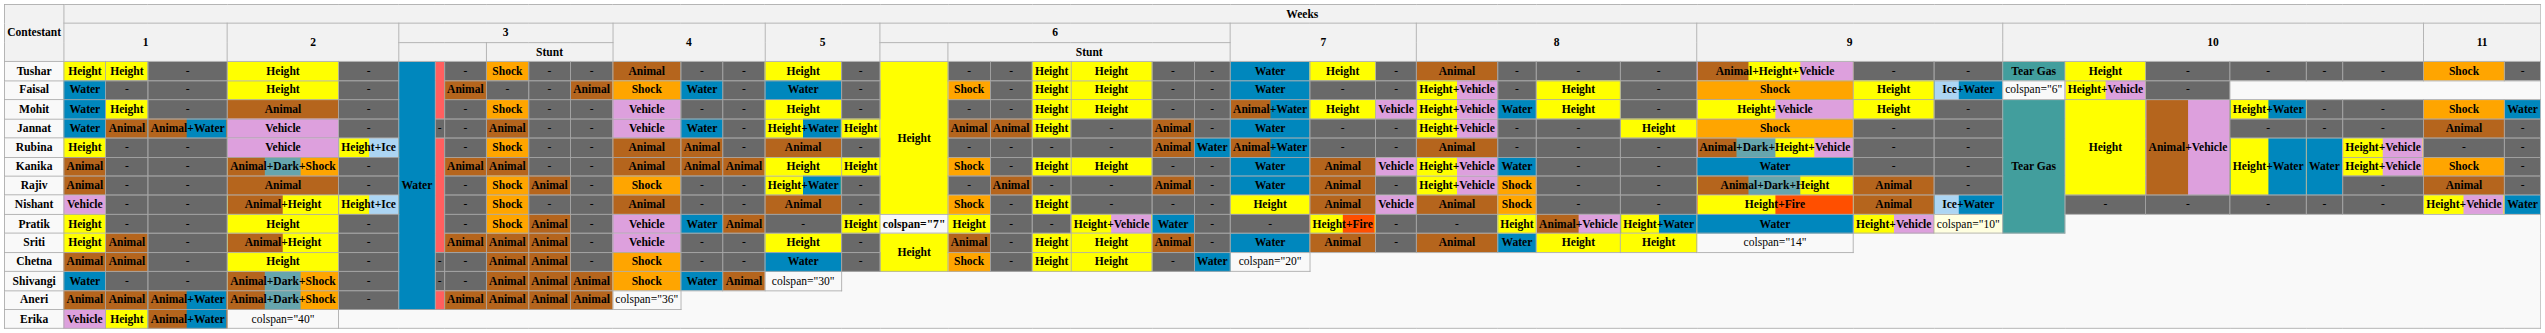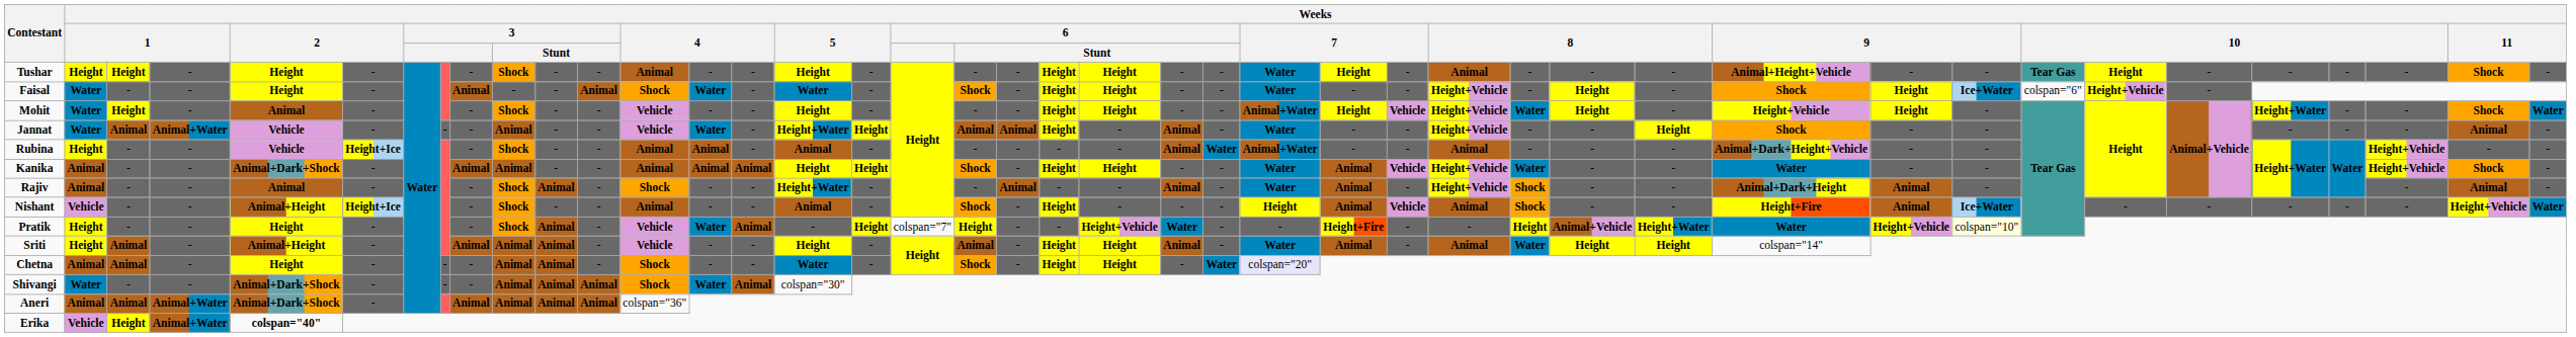 <table class="wikitable" border="2" class="wikitable" style="text-align:center; font-size:85%">
 <tr>
 <th rowspan="3">Contestant</th>
 <th colspan="41"><strong>Weeks</strong></th>
 </tr>
 <tr>
 <th colspan="3" rowspan="2">1</th>
 <th colspan="2"rowspan="2">2</th>
 <th colspan="6">3</th>
 <th colspan="3"rowspan="2">4</th>
 <th colspan="2"rowspan="2">5</th>
 <th colspan="7">6</th>
 <th colspan="3" rowspan="2">7</th>
 <th colspan="4" rowspan="2">8</th>
 <th colspan="3" rowspan="2">9</th>
 <th colspan="6" rowspan="2">10</th>
 <th colspan="2"rowspan="2">11</th>
 </tr>
 <tr>
 <th colspan="3"></th>
 <th colspan="3">Stunt</th>
 <th colspan="1"></th>
 <th colspan="6">Stunt</th>
 </tr>
 <tr>
 <td><strong>Tushar</strong></td>
 <td bgcolor="Yellow"><strong>Height</strong></td>
 <td bgcolor="Yellow"><strong>Height</strong></td>
 <td bgcolor="#696969">-</td>
 <td bgcolor="Yellow"><strong>Height</strong></td>
 <td bgcolor="#696969">-</td>
 <td rowspan="13" bgcolor="#0087BD"><strong>Water</strong></td>
 <td rowspan="3" style="background:#FF5F5F"><strong></strong></td>
 <td bgcolor="#696969">-</td>
 <td bgcolor="Orange"><strong>Shock</strong></td>
 <td bgcolor="#696969">-</td>
 <td bgcolor="#696969">-</td>
 <td bgcolor="#B5651D"><strong>Animal</strong></td>
 <td bgcolor="#696969">-</td>
 <td bgcolor="#696969">-</td>
 <td bgcolor="Yellow"><strong>Height</strong></td>
 <td bgcolor="#696969">-</td>
 <td rowspan="8"  bgcolor="Yellow"><strong>Height</strong></td>
 <td bgcolor="#696969">-</td>
 <td bgcolor="#696969">-</td>
 <td bgcolor="Yellow"><strong>Height</strong></td>
 <td bgcolor="Yellow"><strong>Height</strong></td>
 <td bgcolor="#696969">-</td>
 <td bgcolor="#696969">-</td>
 <td bgcolor="#0087BD"><strong>Water</strong></td>
 <td bgcolor="Yellow"><strong>Height</strong></td>
 <td bgcolor="#696969">-</td>
 <td bgcolor="#B5651D"><strong>Animal</strong></td>
 <td bgcolor="#696969">-</td>
 <td bgcolor="#696969">-</td>
 <td bgcolor="#696969">-</td>
 <td style="background:linear-gradient(to right, #B5651D 0, #B5651D 33%, Yellow 33%, Yellow 66%, Plum 66%, Plum 100%); "><strong>Animal+Height+Vehicle</strong></td>
 <td bgcolor="#696969">-</td>
 <td bgcolor="#696969">-</td>
 <td bgcolor="#429E9D"><strong>Tear Gas</strong></td>
 <td bgcolor="Yellow"><strong>Height</strong></td>
 <td bgcolor="#696969">-</td>
 <td bgcolor="#696969">-</td>
 <td bgcolor="#696969">-</td>
 <td bgcolor="#696969">-</td>
 <td bgcolor="Orange"><strong>Shock</strong></td>
 <td bgcolor="#696969">-</td>
 </tr>
 <tr>
 <td><strong>Faisal</strong></td>
 <td bgcolor="#0087BD"><strong>Water</strong></td>
 <td bgcolor="#696969">-</td>
 <td bgcolor="#696969">-</td>
 <td bgcolor="Yellow"><strong>Height</strong></td>
 <td bgcolor="#696969">-</td>
 <td bgcolor="#B5651D"><strong>Animal</strong></td>
 <td bgcolor="#696969">-</td>
 <td bgcolor="#696969">-</td>
 <td bgcolor="#B5651D"><strong>Animal</strong></td>
 <td bgcolor="Orange"><strong>Shock</strong></td>
 <td bgcolor="#0087BD"><strong>Water</strong></td>
 <td bgcolor="#696969">-</td>
 <td bgcolor="#0087BD"><strong>Water</strong></td>
 <td bgcolor="#696969">-</td>
 <td bgcolor="Orange"><strong>Shock</strong></td>
 <td bgcolor="#696969">-</td>
 <td bgcolor="Yellow"><strong>Height</strong></td>
 <td bgcolor="Yellow"><strong>Height</strong></td>
 <td bgcolor="#696969">-</td>
 <td bgcolor="#696969">-</td>
 <td bgcolor="#0087BD"><strong>Water</strong></td>
 <td bgcolor="#696969">-</td>
 <td bgcolor="#696969">-</td>
 <td style="background:linear-gradient(to right, Yellow 50%, Plum 50%);"><strong>Height+Vehicle</strong></td>
 <td bgcolor="#696969">-</td>
 <td style="background:Yellow  "><strong>Height</strong></td>
 <td bgcolor="#696969">-</td>
 <td bgcolor="Orange"><strong>Shock</strong></td>
 <td bgcolor="Yellow"><strong>Height</strong></td>
 <td style="background:linear-gradient(to right, #ACD5F3 36%, #0087BD 36%);"><strong>Ice+Water</strong></td>
 <td>colspan="6" </td>
 <td style="background:linear-gradient(to right, Yellow 50%, Plum 50%);"><strong>Height+Vehicle</strong></td>
 <td bgcolor="#696969">-</td>
 </tr>
 <tr>
 <td><strong>Mohit</strong></td>
 <td bgcolor="#0087BD"><strong>Water</strong></td>
 <td bgcolor="Yellow"><strong>Height</strong></td>
 <td bgcolor="#696969">-</td>
 <td bgcolor="#B5651D"><strong>Animal</strong></td>
 <td bgcolor="#696969">-</td>
 <td bgcolor="#696969">-</td>
 <td bgcolor="Orange"><strong>Shock</strong></td>
 <td bgcolor="#696969">-</td>
 <td bgcolor="#696969">-</td>
 <td bgcolor="Plum"><strong>Vehicle</strong></td>
 <td bgcolor="#696969">-</td>
 <td bgcolor="#696969">-</td>
 <td bgcolor="Yellow"><strong>Height</strong></td>
 <td bgcolor="#696969">-</td>
 <td bgcolor="#696969">-</td>
 <td bgcolor="#696969">-</td>
 <td bgcolor="Yellow"><strong>Height</strong></td>
 <td bgcolor="Yellow"><strong>Height</strong></td>
 <td bgcolor="#696969">-</td>
 <td bgcolor="#696969">-</td>
 <td style="background:linear-gradient(to right, #B5651D 50%, #0087BD 50%);"><strong>Animal+Water</strong></td>
 <td bgcolor="Yellow"><strong>Height</strong></td>
 <td bgcolor="Plum"><strong>Vehicle</strong></td>
 <td style="background:linear-gradient(to right, Yellow 50%, Plum 50%);"><strong>Height+Vehicle</strong></td>
 <td bgcolor="#0087BD"><strong>Water</strong></td>
 <td style="background:Yellow  "><strong>Height</strong></td>
 <td bgcolor="#696969">-</td>
 <td style="background:linear-gradient(to right, Yellow 50%, Plum 50%);"><strong>Height+Vehicle</strong></td>
 <td bgcolor="Yellow"><strong>Height</strong></td>
 <td bgcolor="#696969">-</td>
 <td rowspan="7" bgcolor="#429E9D"><strong>Tear Gas</strong></td>
 <td rowspan="5" bgcolor="Yellow"><strong>Height</strong></td>
 <td rowspan="5" style="background:linear-gradient(to right, #B5651D 50%, Plum 50%);"><strong>Animal+Vehicle</strong></td>
 <td style="background:linear-gradient(to right, Yellow 50%, #0087BD 50%);"><strong>Height+Water</strong></td>
 <td bgcolor="#696969">-</td>
 <td bgcolor="#696969">-</td>
 <td bgcolor="Orange"><strong>Shock</strong></td>
 <td bgcolor="#0087BD"><strong>Water</strong></td>
 </tr>
 <tr>
 <td><strong>Jannat</strong></td>
 <td bgcolor="#0087BD"><strong>Water</strong></td>
 <td bgcolor="#B5651D"><strong>Animal</strong></td>
 <td style="background:linear-gradient(to right, #B5651D 50%, #0087BD 50%);"><strong>Animal+Water</strong></td>
 <td bgcolor="Plum"><strong>Vehicle</strong></td>
 <td bgcolor="#696969">-</td>
 <td bgcolor="#696969">-</td>
 <td bgcolor="#696969">-</td>
 <td bgcolor="#B5651D"><strong>Animal</strong></td>
 <td bgcolor="#696969">-</td>
 <td bgcolor="#696969">-</td>
 <td bgcolor="Plum"><strong>Vehicle</strong></td>
 <td bgcolor="#0087BD"><strong>Water</strong></td>
 <td bgcolor="#696969">-</td>
 <td style="background:linear-gradient(to right, Yellow 50%, #0087BD 50%);"><strong>Height+Water</strong></td>
 <td bgcolor="Yellow"><strong>Height</strong></td>
 <td bgcolor="#B5651D"><strong>Animal</strong></td>
 <td bgcolor="#B5651D"><strong>Animal</strong></td>
 <td bgcolor="Yellow"><strong>Height</strong></td>
 <td bgcolor="#696969">-</td>
 <td bgcolor="#B5651D"><strong>Animal</strong></td>
 <td bgcolor="#696969">-</td>
 <td bgcolor="#0087BD"><strong>Water</strong></td>
 <td bgcolor="#696969">-</td>
 <td bgcolor="#696969">-</td>
 <td style="background:linear-gradient(to right, Yellow 50%, Plum 50%);"><strong>Height+Vehicle</strong></td>
 <td bgcolor="#696969">-</td>
 <td bgcolor="#696969">-</td>
 <td bgcolor="Yellow"><strong>Height</strong></td>
 <td bgcolor="Orange"><strong>Shock</strong></td>
 <td bgcolor="#696969">-</td>
 <td bgcolor="#696969">-</td>
 <td bgcolor="#696969">-</td>
 <td bgcolor="#696969">-</td>
 <td bgcolor="#696969">-</td>
 <td bgcolor="#B5651D"><strong>Animal</strong></td>
 <td bgcolor="#696969">-</td>
 </tr>
 <tr>
 <td><strong>Rubina</strong></td>
 <td bgcolor="Yellow"><strong>Height</strong></td>
 <td bgcolor="#696969">-</td>
 <td bgcolor="#696969">-</td>
 <td bgcolor="Plum"><strong>Vehicle</strong></td>
 <td style="background:linear-gradient(to right, Yellow 50%, #ACD5F3 50%);"><strong>Height+Ice</strong></td>
 <td rowspan="6" style="background:#FF5F5F"><strong></strong></td>
 <td bgcolor="#696969">-</td>
 <td bgcolor="Orange"><strong>Shock</strong></td>
 <td bgcolor="#696969">-</td>
 <td bgcolor="#696969">-</td>
 <td bgcolor="#B5651D"><strong>Animal</strong></td>
 <td bgcolor="#B5651D"><strong>Animal</strong></td>
 <td bgcolor="#696969">-</td>
 <td bgcolor="#B5651D"><strong>Animal</strong></td>
 <td bgcolor="#696969">-</td>
 <td bgcolor="#696969">-</td>
 <td bgcolor="#696969">-</td>
 <td bgcolor="#696969">-</td>
 <td bgcolor="#696969">-</td>
 <td bgcolor="#B5651D"><strong>Animal</strong></td>
 <td bgcolor="#0087BD"><strong>Water</strong></td>
 <td style="background:linear-gradient(to right, #B5651D 50%,  #0087BD 50%);"><strong>Animal+Water</strong></td>
 <td bgcolor="#696969">-</td>
 <td bgcolor="#696969">-</td>
 <td bgcolor="#B5651D"><strong>Animal</strong></td>
 <td bgcolor="#696969">-</td>
 <td bgcolor="#696969">-</td>
 <td bgcolor="#696969">-</td>
 <td style="background:linear-gradient(to right, #B5651D 0, #B5651D 25%, #66a5ad 25%, #66a5ad 50%, Yellow 50%, Yellow 75%, Plum 75%, Plum 100%); "><strong>Animal+Dark+Height+Vehicle</strong></td>
 <td bgcolor="#696969">-</td>
 <td bgcolor="#696969">-</td>
 <td rowspan="3" style="background:linear-gradient(to right, Yellow 50%, #0087BD 50%);"><strong>Height+Water</strong></td>
 <td rowspan="3" bgcolor="#0087BD"><strong>Water</strong></td>
 <td style="background:linear-gradient(to right, Yellow 50%,  Plum 50%);"><strong>Height+Vehicle</strong></td>
 <td bgcolor="#696969">-</td>
 <td bgcolor="#696969">-</td>
 </tr>
 <tr>
 <td><strong>Kanika</strong></td>
 <td bgcolor="#B5651D"><strong>Animal</strong></td>
 <td bgcolor="#696969">-</td>
 <td bgcolor="#696969">-</td>
 <td style="background:linear-gradient(to right, #B5651D 0, #B5651D 33%, #66a5ad 33%, #66a5ad 66%, Orange 66%, Orange 100%); "><strong>Animal+Dark+Shock</strong></td>
 <td bgcolor="#696969">-</td>
 <td bgcolor="#B5651D"><strong>Animal</strong></td>
 <td bgcolor="#B5651D"><strong>Animal</strong></td>
 <td bgcolor="#696969">-</td>
 <td bgcolor="#696969">-</td>
 <td bgcolor="#B5651D"><strong>Animal</strong></td>
 <td bgcolor="#B5651D"><strong>Animal</strong></td>
 <td bgcolor="#B5651D"><strong>Animal</strong></td>
 <td bgcolor="Yellow"><strong>Height</strong></td>
 <td bgcolor="Yellow"><strong>Height</strong></td>
 <td bgcolor="Orange"><strong>Shock</strong></td>
 <td bgcolor="#696969">-</td>
 <td bgcolor="Yellow"><strong>Height</strong></td>
 <td bgcolor="Yellow"><strong>Height</strong></td>
 <td bgcolor="#696969">-</td>
 <td bgcolor="#696969">-</td>
 <td bgcolor="#0087BD"><strong>Water</strong></td>
 <td bgcolor="#B5651D"><strong>Animal</strong></td>
 <td bgcolor="Plum"><strong>Vehicle</strong></td>
 <td style="background:linear-gradient(to right, Yellow 50%, Plum 50%);"><strong>Height+Vehicle</strong></td>
 <td bgcolor="#0087BD"><strong>Water</strong></td>
 <td bgcolor="#696969">-</td>
 <td bgcolor="#696969">-</td>
 <td bgcolor="#0087BD"><strong>Water</strong></td>
 <td bgcolor="#696969">-</td>
 <td bgcolor="#696969">-</td>
 <td style="background:linear-gradient(to right, Yellow 50%,  Plum 50%);"><strong>Height+Vehicle</strong></td>
 <td bgcolor="Orange"><strong>Shock</strong></td>
 <td bgcolor="#696969">-</td>
 </tr>
 <tr>
 <td><strong>Rajiv</strong></td>
 <td bgcolor="#B5651D"><strong>Animal</strong></td>
 <td bgcolor="#696969">-</td>
 <td bgcolor="#696969">-</td>
 <td bgcolor="#B5651D"><strong>Animal</strong></td>
 <td bgcolor="#696969">-</td>
 <td bgcolor="#696969">-</td>
 <td bgcolor="Orange"><strong>Shock</strong></td>
 <td bgcolor="#B5651D"><strong>Animal</strong></td>
 <td bgcolor="#696969">-</td>
 <td bgcolor="Orange"><strong>Shock</strong></td>
 <td bgcolor="#696969">-</td>
 <td bgcolor="#696969">-</td>
 <td style="background:linear-gradient(to right, Yellow 50%, #0087BD 50%);"><strong>Height+Water</strong></td>
 <td bgcolor="#696969">-</td>
 <td bgcolor="#696969">-</td>
 <td bgcolor="#B5651D"><strong>Animal</strong></td>
 <td bgcolor="#696969">-</td>
 <td bgcolor="#696969">-</td>
 <td bgcolor="#B5651D"><strong>Animal</strong></td>
 <td bgcolor="#696969">-</td>
 <td bgcolor="#0087BD"><strong>Water</strong></td>
 <td bgcolor="#B5651D"><strong>Animal</strong></td>
 <td bgcolor="#696969">-</td>
 <td style="background:linear-gradient(to right, Yellow 50%, Plum 50%);"><strong>Height+Vehicle</strong></td>
 <td bgcolor="Orange"><strong>Shock</strong></td>
 <td bgcolor="#696969">-</td>
 <td bgcolor="#696969">-</td>
 <td style="background:linear-gradient(to right, #B5651D 0, #B5651D 33%, #66a5ad 33%, #66a5ad 66%, Yellow 66%, Yellow 100%); "><strong>Animal+Dark+Height</strong></td>
 <td bgcolor="#B5651D"><strong>Animal</strong></td>
 <td bgcolor="#696969">-</td>
 <td bgcolor="#696969">-</td>
 <td bgcolor="#B5651D"><strong>Animal</strong></td>
 <td bgcolor="#696969">-</td>
 </tr>
 <tr>
 <td><strong>Nishant</strong></td>
 <td bgcolor="Plum"><strong>Vehicle</strong></td>
 <td bgcolor="#696969">-</td>
 <td bgcolor="#696969">-</td>
 <td style="background:linear-gradient(to right, #B5651D 50%, yellow 50%);"><strong>Animal+Height</strong></td>
 <td style="background:linear-gradient(to right, Yellow 50%, #ACD5F3 50%);"><strong>Height+Ice</strong></td>
 <td bgcolor="#696969">-</td>
 <td bgcolor="Orange"><strong>Shock</strong></td>
 <td bgcolor="#696969">-</td>
 <td bgcolor="#696969">-</td>
 <td bgcolor="#B5651D"><strong>Animal</strong></td>
 <td bgcolor="#696969">-</td>
 <td bgcolor="#696969">-</td>
 <td bgcolor="#B5651D"><strong>Animal</strong></td>
 <td bgcolor="#696969">-</td>
 <td bgcolor="Orange"><strong>Shock</strong></td>
 <td bgcolor="#696969">-</td>
 <td bgcolor="Yellow"><strong>Height</strong></td>
 <td bgcolor="#696969">-</td>
 <td bgcolor="#696969">-</td>
 <td bgcolor="#696969">-</td>
 <td bgcolor="Yellow"><strong>Height</strong></td>
 <td bgcolor="#B5651D"><strong>Animal</strong></td>
 <td bgcolor="Plum"><strong>Vehicle</strong></td>
 <td bgcolor="#B5651D"><strong>Animal</strong></td>
 <td bgcolor="Orange"><strong>Shock</strong></td>
 <td bgcolor="#696969">-</td>
 <td bgcolor="#696969">-</td>
 <td style="background:linear-gradient(to right, Yellow 50%, #FF4F00 50%);"><strong>Height+Fire</strong></td>
 <td bgcolor="#B5651D"><strong>Animal</strong></td>
 <td style="background:linear-gradient(to right, #ACD5F3 36%, #0087BD 36%);"><strong>Ice+Water</strong></td>
 <td bgcolor="#696969">-</td>
 <td bgcolor="#696969">-</td>
 <td bgcolor="#696969">-</td>
 <td bgcolor="#696969">-</td>
 <td bgcolor="#696969">-</td>
 <td style="background:linear-gradient(to right, Yellow 50%, Plum 50%);"><strong>Height+Vehicle</strong></td>
 <td bgcolor="#0087BD"><strong>Water</strong></td>
 </tr>
 <tr>
 <td><strong>Pratik</strong></td>
 <td bgcolor="Yellow"><strong>Height</strong></td>
 <td bgcolor="#696969">-</td>
 <td bgcolor="#696969">-</td>
 <td bgcolor="Yellow"><strong>Height</strong></td>
 <td bgcolor="#696969">-</td>
 <td bgcolor="#696969">-</td>
 <td bgcolor="Orange"><strong>Shock</strong></td>
 <td bgcolor="#B5651D"><strong>Animal</strong></td>
 <td bgcolor="#696969">-</td>
 <td bgcolor="Plum"><strong>Vehicle</strong></td>
 <td bgcolor="#0087BD"><strong>Water</strong></td>
 <td bgcolor="#B5651D"><strong>Animal</strong></td>
 <td bgcolor="#696969">-</td>
 <td bgcolor="Yellow"><strong>Height</strong></td>
-<td><strong>colspan="7" </strong></td>
+<td>colspan="7" </td>
 <td bgcolor="Yellow"><strong>Height</strong></td>
 <td bgcolor="#696969">-</td>
 <td bgcolor="#696969">-</td>
 <td style="background:linear-gradient(to right, Yellow 50%, Plum 50%);"><strong>Height+Vehicle</strong></td>
 <td bgcolor="#0087BD"><strong>Water</strong></td>
 <td bgcolor="#696969">-</td>
 <td bgcolor="#696969">-</td>
 <td style="background:linear-gradient(to right, Yellow 50%, #FF4F00 50%);"><strong>Height+Fire</strong></td>
 <td bgcolor="#696969">-</td>
 <td bgcolor="#696969">-</td>
 <td bgcolor="Yellow"><strong>Height</strong></td>
 <td style="background:linear-gradient(to right, #B5651D 50%, Plum 50%);"><strong>Animal+Vehicle</strong></td>
 <td style="background:linear-gradient(to right, Yellow 50%, #0087BD 50%);"><strong>Height+Water</strong></td>
 <td bgcolor="#0087BD"><strong>Water</strong></td>
 <td style="background:linear-gradient(to right, Yellow 50%,  Plum 50%);"><strong>Height+Vehicle</strong></td>
 <td style="background: lightyellow;">colspan="10" </td>
 </tr>
 <tr>
 <td><strong>Sriti</strong></td>
 <td bgcolor="Yellow"><strong>Height</strong></td>
 <td bgcolor="#B5651D"><strong>Animal</strong></td>
 <td bgcolor="#696969">-</td>
 <td style="background:linear-gradient(to right, #B5651D 50%, yellow 50%);"><strong>Animal+Height</strong></td>
 <td bgcolor="#696969">-</td>
 <td bgcolor="#B5651D"><strong>Animal</strong></td>
 <td bgcolor="#B5651D"><strong>Animal</strong></td>
 <td bgcolor="#B5651D"><strong>Animal</strong></td>
 <td bgcolor="#696969">-</td>
 <td bgcolor="Plum"><strong>Vehicle</strong></td>
 <td bgcolor="#696969">-</td>
 <td bgcolor="#696969">-</td>
 <td bgcolor="Yellow"><strong>Height</strong></td>
 <td bgcolor="#696969">-</td>
 <td rowspan="2" bgcolor="Yellow"><strong>Height</strong></td>
 <td bgcolor="#B5651D"><strong>Animal</strong></td>
 <td bgcolor="#696969">-</td>
 <td bgcolor="Yellow"><strong>Height</strong></td>
 <td bgcolor="Yellow"><strong>Height</strong></td>
 <td bgcolor="#B5651D"><strong>Animal</strong></td>
 <td bgcolor="#696969">-</td>
 <td bgcolor="#0087BD"><strong>Water</strong></td>
 <td bgcolor="#B5651D"><strong>Animal</strong></td>
 <td bgcolor="#696969">-</td>
 <td bgcolor="#B5651D"><strong>Animal</strong></td>
 <td bgcolor="#0087BD"><strong>Water</strong></td>
 <td style="background:Yellow"><strong>Height</strong></td>
 <td bgcolor="Yellow"><strong>Height</strong></td>
 <td>colspan="14" </td>
 </tr>
 <tr>
 <td><strong>Chetna</strong></td>
 <td bgcolor="#B5651D"><strong>Animal</strong></td>
 <td bgcolor="#B5651D"><strong>Animal</strong></td>
 <td bgcolor="#696969">-</td>
 <td bgcolor="Yellow"><strong>Height</strong></td>
 <td bgcolor="#696969">-</td>
 <td bgcolor="#696969">-</td>
 <td bgcolor="#696969">-</td>
 <td bgcolor="#B5651D"><strong>Animal</strong></td>
 <td bgcolor="#B5651D"><strong>Animal</strong></td>
 <td bgcolor="#696969">-</td>
 <td bgcolor="Orange"><strong>Shock</strong></td>
 <td bgcolor="#696969">-</td>
 <td bgcolor="#696969">-</td>
 <td bgcolor="#0087BD"><strong>Water</strong></td>
 <td bgcolor="#696969">-</td>
 <td bgcolor="Orange"><strong>Shock</strong></td>
 <td bgcolor="#696969">-</td>
 <td bgcolor="Yellow"><strong>Height</strong></td>
 <td bgcolor="Yellow"><strong>Height</strong></td>
 <td bgcolor="#696969">-</td>
 <td bgcolor="#0087BD"><strong>Water</strong></td>
-<td>colspan="20" </td>
+<td style="background: lavender;">colspan="20" </td>
 </tr>
 <tr>
 <td><strong>Shivangi</strong></td>
 <td bgcolor="#0087BD"><strong>Water</strong></td>
 <td bgcolor="#696969">-</td>
 <td bgcolor="#696969">-</td>
 <td style="background:linear-gradient(to right, #B5651D 0, #B5651D 33%, #66a5ad 33%, #66a5ad 66%, Orange 66%, Orange 100%);"><strong>Animal+Dark+Shock</strong></td>
 <td bgcolor="#696969">-</td>
 <td bgcolor="#696969">-</td>
 <td bgcolor="#696969">-</td>
 <td bgcolor="#B5651D"><strong>Animal</strong></td>
 <td bgcolor="#B5651D"><strong>Animal</strong></td>
 <td bgcolor="#B5651D"><strong>Animal</strong></td>
 <td bgcolor="Orange"><strong>Shock</strong></td>
 <td bgcolor="#0087BD"><strong>Water</strong></td>
 <td bgcolor="#B5651D"><strong>Animal</strong></td>
 <td>colspan="30" </td>
 </tr>
 <tr>
 <td><strong>Aneri</strong></td>
 <td bgcolor="#B5651D"><strong>Animal</strong></td>
 <td bgcolor="#B5651D"><strong>Animal</strong></td>
 <td style="background:linear-gradient(to right, #B5651D 50%, #0087BD 50%);"><strong>Animal+Water</strong></td>
 <td style="background:linear-gradient(to right, #B5651D 0, #B5651D 33%, #66a5ad 33%, #66a5ad 66%, Orange 66%, Orange 100%); "><strong>Animal+Dark+Shock</strong></td>
 <td bgcolor="#696969">-</td>
 <td style="background:#FF5F5F"><strong></strong></td>
 <td bgcolor="#B5651D"><strong>Animal</strong></td>
 <td bgcolor="#B5651D"><strong>Animal</strong></td>
 <td bgcolor="#B5651D"><strong>Animal</strong></td>
 <td bgcolor="#B5651D"><strong>Animal</strong></td>
 <td>colspan="36" </td>
 </tr>
 <tr>
 <td><strong>Erika</strong></td>
 <td bgcolor="Plum"><strong>Vehicle</strong></td>
 <td bgcolor="Yellow"><strong>Height</strong></td>
 <td style="background:linear-gradient(to right, #B5651D 50%, #0087BD 50%);"><strong>Animal+Water</strong></td>
-<td>colspan="40" </td>
+<td><strong>colspan="40" </strong></td>
 </tr>
 </table>
